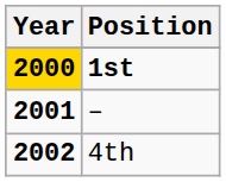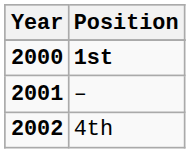 <table class="wikitable" style="margin:1em auto;">
 <tr>
 <th>Year</th>
 <th>Position</th>
 </tr>
 <tr>
 </tr>
 <tr>
-<td style="background: gold;"><strong>2000</strong></td>
+<td><strong>2000</strong></td>
 <td><strong>1st</strong></td>
 </tr>
 <tr>
 <td><strong>2001</strong></td>
 <td>–</td>
 </tr>
 <tr>
 <td><strong>2002</strong></td>
 <td>4th</td>
 </tr>
 </table>
